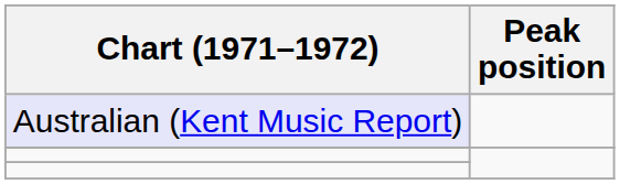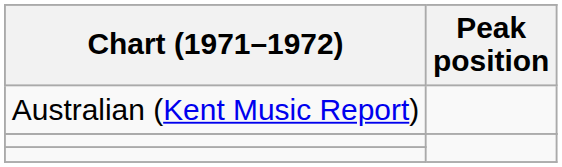 <table class="wikitable sortable">
 <tr>
 <th align="left">Chart (1971–1972)</th>
 <th align="left">Peak<br>position</th>
 </tr>
 <tr>
-<td style="background: lavender;">Australian (<a href='#'>Kent Music Report</a>)</td>
+<td>Australian (<a href='#'>Kent Music Report</a>)</td>
 <td></td>
 </tr>
 <tr>
 </tr>
 <tr>
 </tr>
 <tr>
 <td></td>
 </tr>
 <tr>
 <td></td>
 </tr>
 </table>
